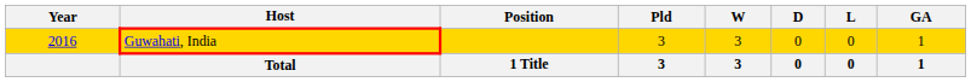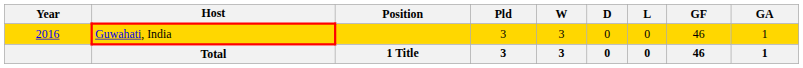 <table class="wikitable" style="text-align: center; width:85%">
 <tr>
 <th>Year</th>
 <th>Host</th>
 <th>Position</th>
 <th>Pld</th>
 <th>W</th>
 <th>D</th>
 <th>L</th>
+<th>GF</th>
 <th>GA</th>
 </tr>
 <tr bgcolor=gold>
 <td><a href='#'>2016</a></td>
 <td align=left style="border: 3px solid red"> <a href='#'>Guwahati</a>, India</td>
 <td></td>
 <td>3</td>
 <td>3</td>
 <td>0</td>
 <td>0</td>
+<td>46</td>
 <td>1</td>
 </tr>
 <tr>
 <th></th>
 <th>Total</th>
 <th>1 Title</th>
 <th>3</th>
 <th>3</th>
 <th>0</th>
 <th>0</th>
+<th>46</th>
 <th>1</th>
 </tr>
 </table>
